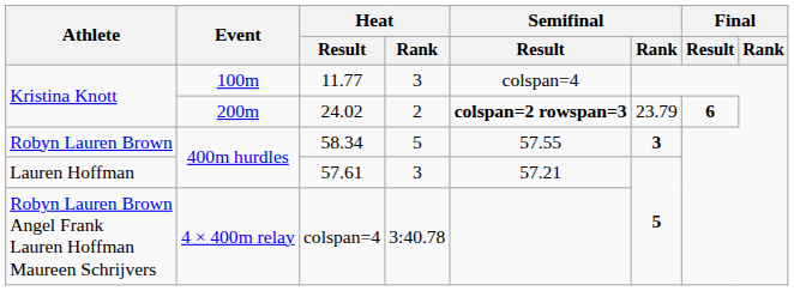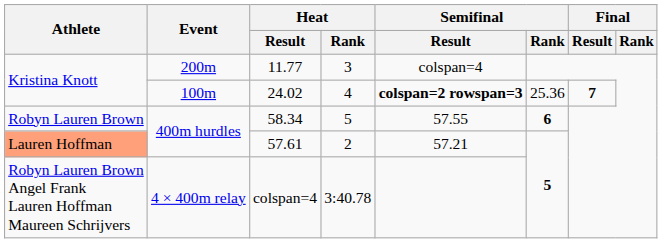 <table class="wikitable" style="font-size:90%">
 <tr>
 <th rowspan=2>Athlete</th>
 <th rowspan=2>Event</th>
 <th colspan=2>Heat</th>
 <th colspan=2>Semifinal</th>
 <th colspan=2>Final</th>
 </tr>
 <tr style="font-size:95%">
 <th>Result</th>
 <th>Rank</th>
 <th>Result</th>
 <th>Rank</th>
 <th>Result</th>
 <th>Rank</th>
 </tr>
 <tr align=center>
 <td rowspan=2 align=left><a href='#'>Kristina Knott</a></td>
-<td><a href='#'>100m</a></td>
+<td><a href='#'>200m</a></td>
 <td>11.77</td>
 <td>3</td>
 <td>colspan=4 </td>
 </tr>
 <tr align=center>
-<td><a href='#'>200m</a></td>
+<td><a href='#'>100m</a></td>
 <td>24.02</td>
-<td>2 </td>
+<td>4 </td>
 <td><strong>colspan=2 rowspan=3</strong></td>
-<td>23.79</td>
-<td><strong>6</strong></td>
+<td>25.36</td>
+<td><strong>7</strong></td>
 </tr>
 <tr align=center>
 <td align=left><a href='#'>Robyn Lauren Brown</a></td>
 <td rowspan=2><a href='#'>400m hurdles</a></td>
 <td>58.34</td>
 <td>5 </td>
 <td>57.55</td>
-<td><strong>3</strong></td>
+<td><strong>6</strong></td>
 </tr>
 <tr align=center>
-<td align=left>Lauren Hoffman</td>
+<td align=left style="background: lightsalmon;">Lauren Hoffman</td>
 <td>57.61</td>
-<td>3 </td>
+<td>2 </td>
 <td>57.21</td>
 <td rowspan=2><strong>5</strong></td>
 </tr>
 <tr align=center>
 <td align=left><a href='#'>Robyn Lauren Brown</a><br>Angel Frank<br>Lauren Hoffman<br>Maureen Schrijvers</td>
 <td><a href='#'>4 × 400m relay</a></td>
 <td>colspan=4 </td>
 <td>3:40.78</td>
 </tr>
 </table>
